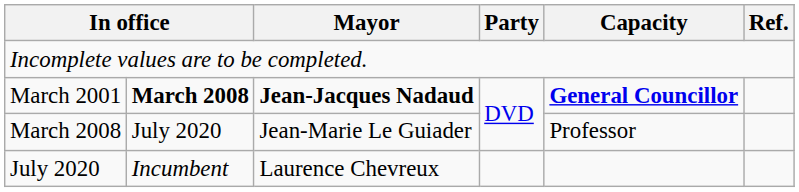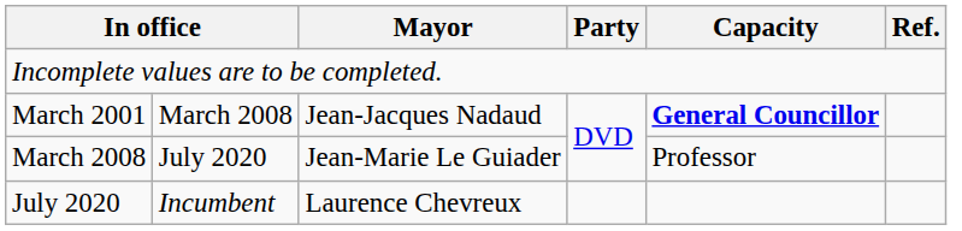 <table class="wikitable">
 <tr>
 <th colspan="2">In office</th>
 <th>Mayor</th>
 <th>Party</th>
 <th>Capacity</th>
 <th>Ref.</th>
 </tr>
 <tr>
 <td colspan="6"><em>Incomplete values are to be completed.</em></td>
 </tr>
 <tr>
 <td>March 2001</td>
-<td><strong>March 2008</strong></td>
-<td><strong>Jean-Jacques Nadaud</strong></td>
+<td>March 2008</td>
+<td>Jean-Jacques Nadaud</td>
 <td rowspan="2"><a href='#'>DVD</a></td>
 <td><strong><a href='#'>General Councillor</a></strong></td>
 <td></td>
 </tr>
 <tr>
 <td>March 2008</td>
 <td>July 2020</td>
 <td>Jean-Marie Le Guiader</td>
 <td>Professor</td>
 <td></td>
 </tr>
 <tr>
 <td>July 2020</td>
 <td><em>Incumbent</em></td>
 <td>Laurence Chevreux</td>
 <td></td>
 <td></td>
 <td></td>
 </tr>
 </table>
